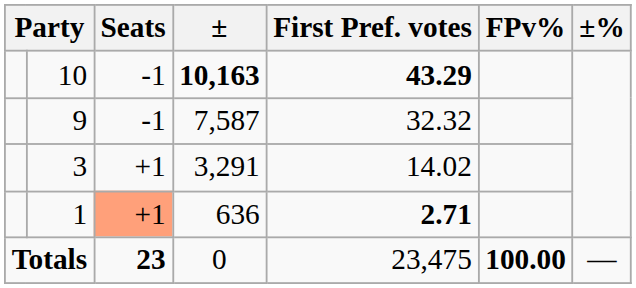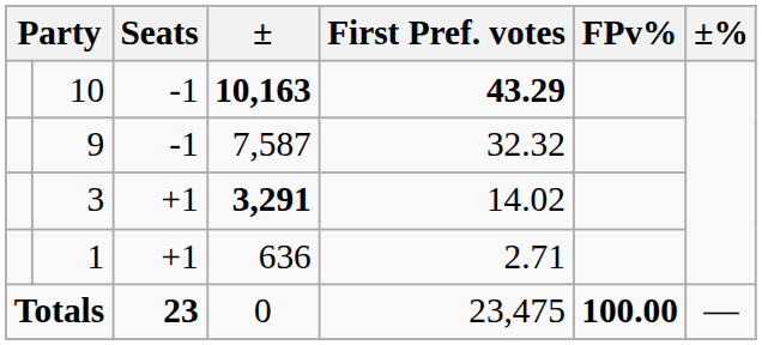 <table class=wikitable>
 <tr>
 <th colspan=2 align=center>Party</th>
 <th valign=top>Seats</th>
 <th valign=top>±</th>
 <th valign=top>First Pref. votes</th>
 <th valign=top>FPv%</th>
 <th valign=top>±%</th>
 </tr>
 <tr>
 <td></td>
 <td align=right>10</td>
 <td align=right>-1</td>
 <td align=right><strong>10,163</strong></td>
 <td align=right><strong>43.29</strong></td>
 <td align=right></td>
 </tr>
 <tr>
 <td></td>
 <td align=right>9</td>
 <td align=right>-1</td>
 <td align=right>7,587</td>
 <td align=right>32.32</td>
 <td align=right></td>
 </tr>
 <tr>
 <td></td>
 <td align=right>3</td>
 <td align=right>+1</td>
-<td align=right>3,291</td>
+<td align=right><strong>3,291</strong></td>
 <td align=right>14.02</td>
 <td align=right></td>
 </tr>
 <tr>
 <td></td>
 <td align=right>1</td>
-<td align=right style="background: lightsalmon;">+1</td>
+<td align=right>+1</td>
 <td align=right>636</td>
-<td align=right><strong>2.71</strong></td>
+<td align=right>2.71</td>
 <td align=right></td>
 </tr>
 <tr>
 <td colspan=2 align=center><strong>Totals</strong></td>
 <td align=right><strong>23</strong></td>
 <td align=center>0</td>
 <td align=right>23,475</td>
 <td align=center><strong>100.00</strong></td>
 <td align=center>—</td>
 </tr>
 </table>
